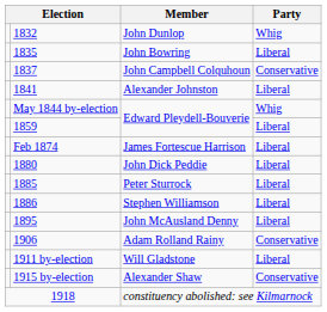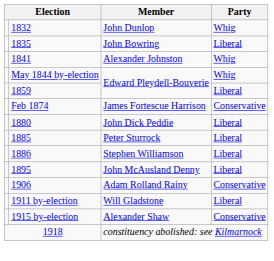 <table class="wikitable">
 <tr>
 <th colspan="2">Election</th>
 <th>Member</th>
 <th>Party</th>
 </tr>
 <tr>
 <td style="color:inherit;background-color: "></td>
 <td><a href='#'>1832</a></td>
 <td><a href='#'>John Dunlop</a>	</td>
 <td><a href='#'>Whig</a></td>
 </tr>
 <tr>
 <td style="color:inherit;background-color: "></td>
 <td><a href='#'>1835</a></td>
 <td><a href='#'>John Bowring</a>	</td>
 <td><a href='#'>Liberal</a></td>
 </tr>
 <tr>
 <td style="color:inherit;background-color: "></td>
-<td><a href='#'>1837</a></td>
-<td><a href='#'>John Campbell Colquhoun</a>	</td>
-<td><a href='#'>Conservative</a></td>
-</tr>
-<tr>
-<td style="color:inherit;background-color: "></td>
 <td><a href='#'>1841</a></td>
 <td><a href='#'>Alexander Johnston</a>	</td>
-<td><a href='#'>Liberal</a></td>
+<td><a href='#'>Whig</a></td>
 </tr>
 <tr>
 <td style="color:inherit;background-color: "></td>
 <td><a href='#'>May 1844 by-election</a></td>
 <td rowspan="2"><a href='#'>Edward Pleydell-Bouverie</a>	</td>
 <td><a href='#'>Whig</a></td>
 </tr>
 <tr>
 <td style="color:inherit;background-color: "></td>
 <td><a href='#'>1859</a></td>
 <td><a href='#'>Liberal</a></td>
 </tr>
 <tr>
 <td style="color:inherit;background-color: "></td>
 <td><a href='#'>Feb 1874</a></td>
 <td><a href='#'>James Fortescue Harrison</a>	</td>
-<td><a href='#'>Liberal</a></td>
+<td><a href='#'>Conservative</a></td>
 </tr>
 <tr>
 <td style="color:inherit;background-color: "></td>
 <td><a href='#'>1880</a></td>
 <td><a href='#'>John Dick Peddie</a>	</td>
 <td><a href='#'>Liberal</a></td>
 </tr>
 <tr>
 <td style="color:inherit;background-color: "></td>
 <td><a href='#'>1885</a></td>
 <td><a href='#'>Peter Sturrock</a>	</td>
 <td><a href='#'>Liberal</a></td>
 </tr>
 <tr>
 <td style="color:inherit;background-color: "></td>
 <td><a href='#'>1886</a></td>
 <td><a href='#'>Stephen Williamson</a>	</td>
 <td><a href='#'>Liberal</a></td>
 </tr>
 <tr>
 <td style="color:inherit;background-color: "></td>
 <td><a href='#'>1895</a></td>
 <td><a href='#'>John McAusland Denny</a>	</td>
 <td><a href='#'>Liberal</a></td>
 </tr>
 <tr>
 <td style="color:inherit;background-color: "></td>
 <td><a href='#'>1906</a></td>
 <td><a href='#'>Adam Rolland Rainy</a>	</td>
 <td><a href='#'>Conservative</a></td>
 </tr>
 <tr>
 <td style="color:inherit;background-color: "></td>
 <td><a href='#'>1911 by-election</a></td>
 <td><a href='#'>Will Gladstone</a>	</td>
 <td><a href='#'>Liberal</a></td>
 </tr>
 <tr>
 <td style="color:inherit;background-color: "></td>
 <td><a href='#'>1915 by-election</a></td>
 <td><a href='#'>Alexander Shaw</a>	</td>
 <td><a href='#'>Conservative</a></td>
 </tr>
 <tr>
 <td colspan="2" align="center"><a href='#'>1918</a></td>
 <td colspan="2"><em>constituency abolished: see <a href='#'>Kilmarnock</a></em></td>
 </tr>
 </table>
